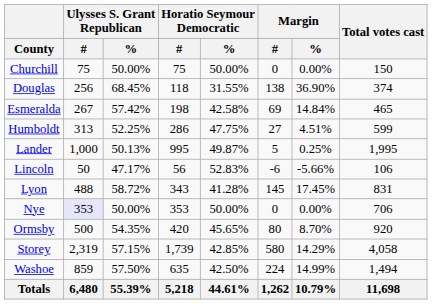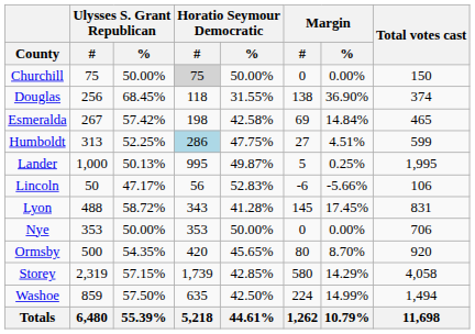 <table class="wikitable sortable" style="text-align:center">
 <tr>
 <th colspan=1></th>
 <th style="text-align:center;" colspan="2">Ulysses S. Grant<br>Republican</th>
 <th style="text-align:center;" colspan="2">Horatio Seymour<br>Democratic</th>
 <th style="text-align:center;" colspan="2">Margin</th>
 <th style="text-align:center;" rowspan="2">Total votes cast</th>
 </tr>
 <tr>
 <th align=center>County</th>
 <th style="text-align:center;" data-sort-type="number">#</th>
 <th style="text-align:center;" data-sort-type="number">%</th>
 <th style="text-align:center;" data-sort-type="number">#</th>
 <th style="text-align:center;" data-sort-type="number">%</th>
 <th style="text-align:center;" data-sort-type="number">#</th>
 <th style="text-align:center;" data-sort-type="number">%</th>
 </tr>
 <tr style="text-align:center;">
 <td><a href='#'>Churchill</a></td>
 <td>75</td>
 <td>50.00%</td>
-<td>75</td>
+<td style="background: lightgrey;">75</td>
 <td>50.00%</td>
 <td>0</td>
 <td>0.00%</td>
 <td>150</td>
 </tr>
 <tr style="text-align:center;">
 <td><a href='#'>Douglas</a></td>
 <td>256</td>
 <td>68.45%</td>
 <td>118</td>
 <td>31.55%</td>
 <td>138</td>
 <td>36.90%</td>
 <td>374</td>
 </tr>
 <tr style="text-align:center;">
 <td><a href='#'>Esmeralda</a></td>
 <td>267</td>
 <td>57.42%</td>
 <td>198</td>
 <td>42.58%</td>
 <td>69</td>
 <td>14.84%</td>
 <td>465</td>
 </tr>
 <tr style="text-align:center;">
 <td><a href='#'>Humboldt</a></td>
 <td>313</td>
 <td>52.25%</td>
-<td>286</td>
+<td style="background: lightblue;">286</td>
 <td>47.75%</td>
 <td>27</td>
 <td>4.51%</td>
 <td>599</td>
 </tr>
 <tr style="text-align:center;">
 <td><a href='#'>Lander</a></td>
 <td>1,000</td>
 <td>50.13%</td>
 <td>995</td>
 <td>49.87%</td>
 <td>5</td>
 <td>0.25%</td>
 <td>1,995</td>
 </tr>
 <tr style="text-align:center;">
 <td><a href='#'>Lincoln</a></td>
 <td>50</td>
 <td>47.17%</td>
 <td>56</td>
 <td>52.83%</td>
 <td>-6</td>
 <td>-5.66%</td>
 <td>106</td>
 </tr>
 <tr style="text-align:center;">
 <td><a href='#'>Lyon</a></td>
 <td>488</td>
 <td>58.72%</td>
 <td>343</td>
 <td>41.28%</td>
 <td>145</td>
 <td>17.45%</td>
 <td>831</td>
 </tr>
 <tr style="text-align:center;">
 <td><a href='#'>Nye</a></td>
-<td style="background: lavender;">353</td>
+<td>353</td>
 <td>50.00%</td>
 <td>353</td>
 <td>50.00%</td>
 <td>0</td>
 <td>0.00%</td>
 <td>706</td>
 </tr>
 <tr style="text-align:center;">
 <td><a href='#'>Ormsby</a></td>
 <td>500</td>
 <td>54.35%</td>
 <td>420</td>
 <td>45.65%</td>
 <td>80</td>
 <td>8.70%</td>
 <td>920</td>
 </tr>
 <tr style="text-align:center;">
 <td><a href='#'>Storey</a></td>
 <td>2,319</td>
 <td>57.15%</td>
 <td>1,739</td>
 <td>42.85%</td>
 <td>580</td>
 <td>14.29%</td>
 <td>4,058</td>
 </tr>
 <tr style="text-align:center;">
 <td><a href='#'>Washoe</a></td>
 <td>859</td>
 <td>57.50%</td>
 <td>635</td>
 <td>42.50%</td>
 <td>224</td>
 <td>14.99%</td>
 <td>1,494</td>
 </tr>
 <tr style="text-align:center;">
 <th>Totals</th>
 <th>6,480</th>
 <th>55.39%</th>
 <th>5,218</th>
 <th>44.61%</th>
 <th>1,262</th>
 <th>10.79%</th>
 <th>11,698</th>
 </tr>
 </table>
